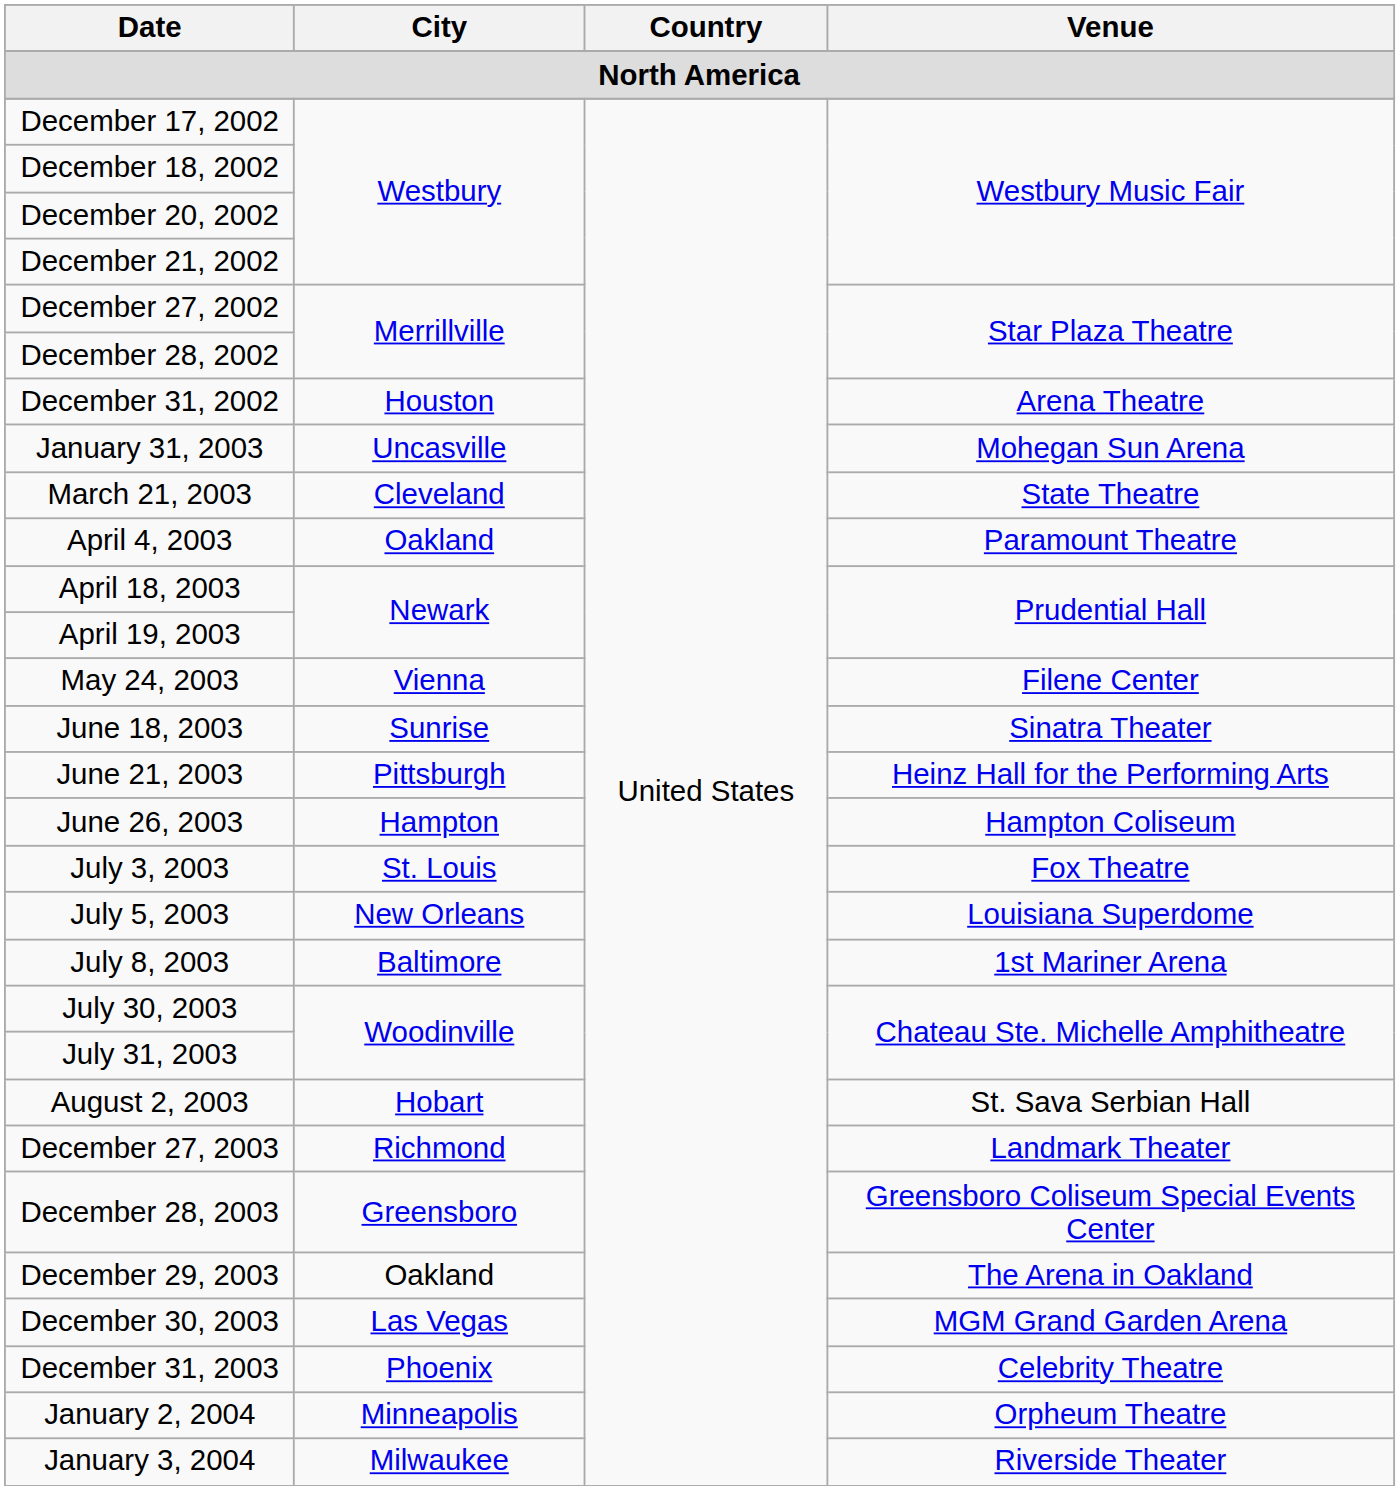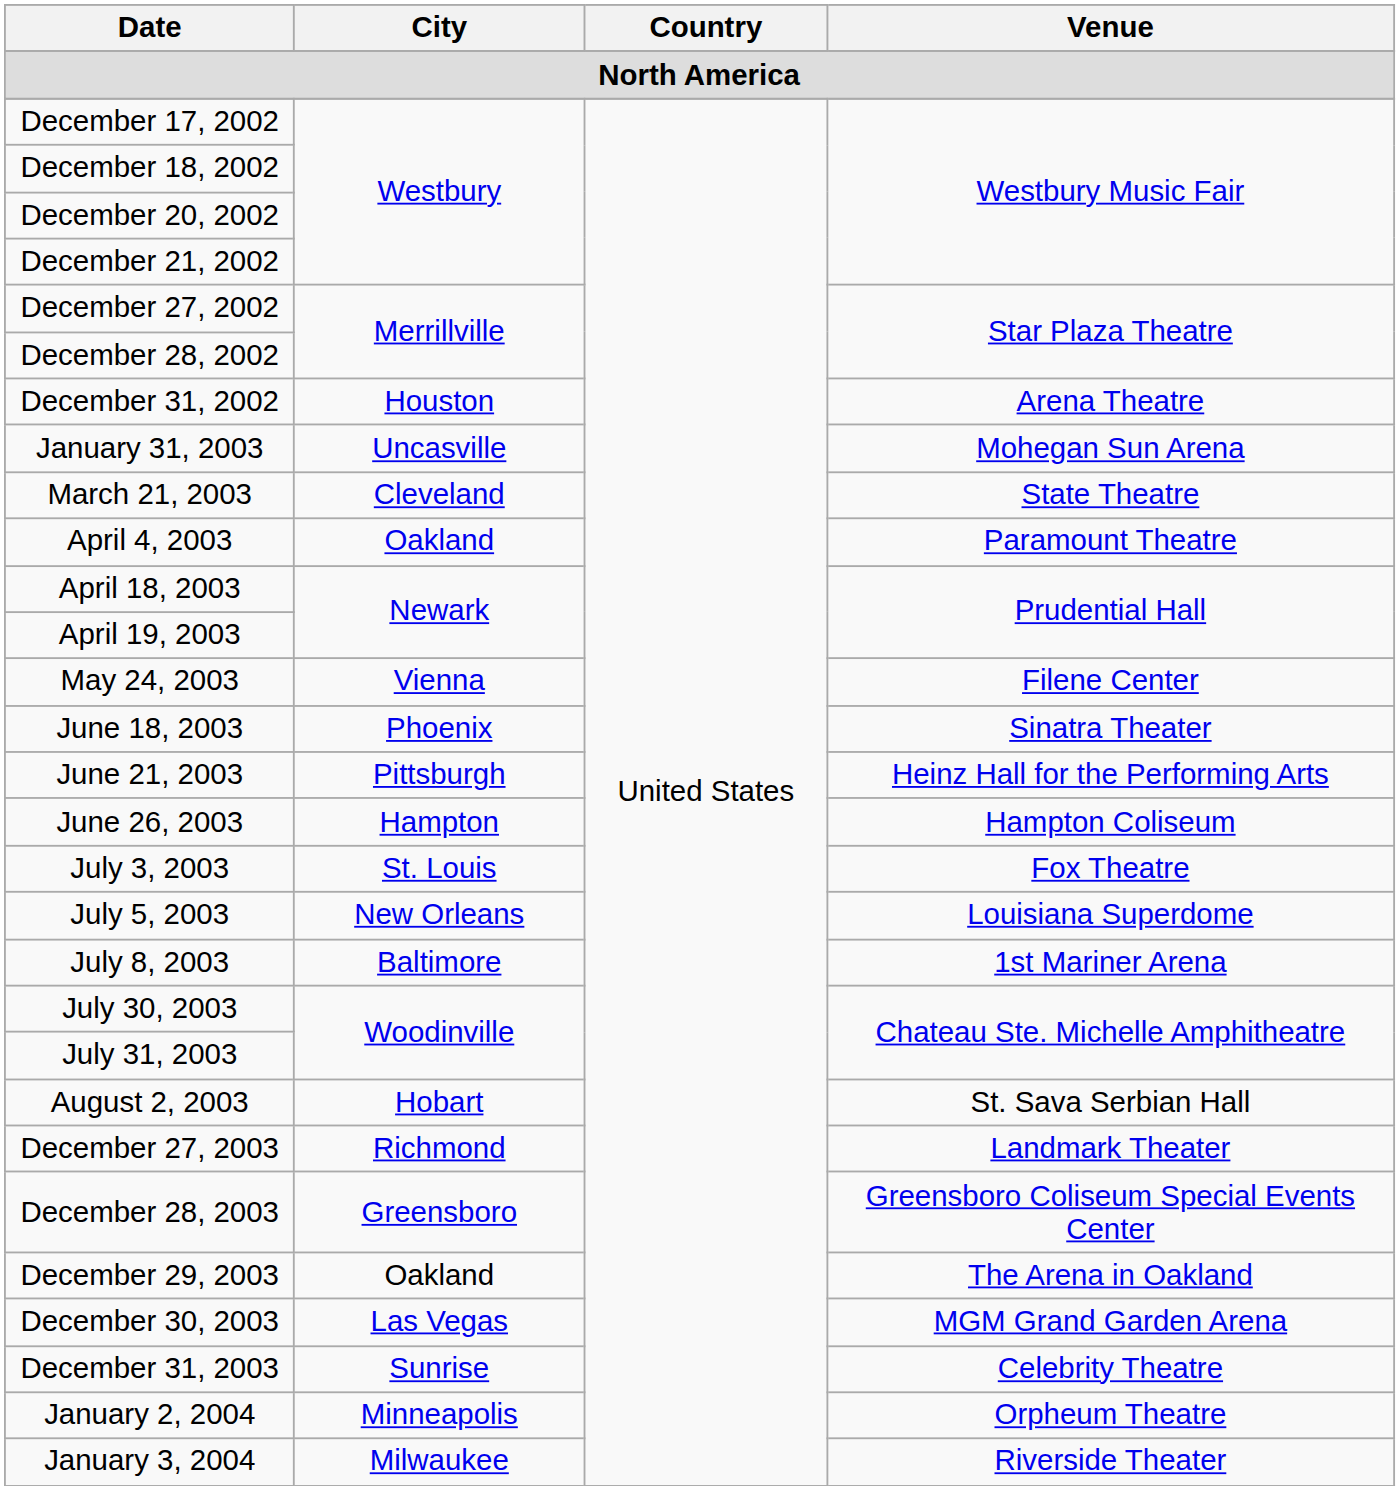 <table class="wikitable" style="text-align:center;">
 <tr bgcolor="#CCCCCC">
 <th width="150">Date</th>
 <th width="150">City</th>
 <th width="125">Country</th>
 <th width="300">Venue</th>
 </tr>
 <tr>
 </tr>
 <tr bgcolor="#DDDDDD">
 <td colspan="4"><strong>North America</strong></td>
 </tr>
 <tr bgcolor="#CCCCCC">
 </tr>
 <tr>
 <td>December 17, 2002</td>
 <td rowspan="4"><a href='#'>Westbury</a></td>
 <td rowspan="29">United States</td>
 <td rowspan="4"><a href='#'>Westbury Music Fair</a></td>
 </tr>
 <tr>
 <td>December 18, 2002</td>
 </tr>
 <tr>
 <td>December 20, 2002</td>
 </tr>
 <tr>
 <td>December 21, 2002</td>
 </tr>
 <tr>
 <td>December 27, 2002</td>
 <td rowspan="2"><a href='#'>Merrillville</a></td>
 <td rowspan="2"><a href='#'>Star Plaza Theatre</a></td>
 </tr>
 <tr>
 <td>December 28, 2002</td>
 </tr>
 <tr>
 <td>December 31, 2002</td>
 <td><a href='#'>Houston</a></td>
 <td><a href='#'>Arena Theatre</a></td>
 </tr>
 <tr>
 <td>January 31, 2003</td>
 <td><a href='#'>Uncasville</a></td>
 <td><a href='#'>Mohegan Sun Arena</a></td>
 </tr>
 <tr>
 <td>March 21, 2003</td>
 <td><a href='#'>Cleveland</a></td>
 <td><a href='#'>State Theatre</a></td>
 </tr>
 <tr>
 <td>April 4, 2003</td>
 <td><a href='#'>Oakland</a></td>
 <td><a href='#'>Paramount Theatre</a></td>
 </tr>
 <tr>
 <td>April 18, 2003</td>
 <td rowspan="2"><a href='#'>Newark</a></td>
 <td rowspan="2"><a href='#'>Prudential Hall</a></td>
 </tr>
 <tr>
 <td>April 19, 2003</td>
 </tr>
 <tr>
 <td>May 24, 2003</td>
 <td><a href='#'>Vienna</a></td>
 <td><a href='#'>Filene Center</a></td>
 </tr>
 <tr>
 <td>June 18, 2003</td>
-<td><a href='#'>Sunrise</a></td>
+<td><a href='#'>Phoenix</a></td>
 <td><a href='#'>Sinatra Theater</a></td>
 </tr>
 <tr>
 <td>June 21, 2003</td>
 <td><a href='#'>Pittsburgh</a></td>
 <td><a href='#'>Heinz Hall for the Performing Arts</a></td>
 </tr>
 <tr>
 <td>June 26, 2003</td>
 <td><a href='#'>Hampton</a></td>
 <td><a href='#'>Hampton Coliseum</a></td>
 </tr>
 <tr>
 <td>July 3, 2003</td>
 <td><a href='#'>St. Louis</a></td>
 <td><a href='#'>Fox Theatre</a></td>
 </tr>
 <tr>
 <td>July 5, 2003</td>
 <td><a href='#'>New Orleans</a></td>
 <td><a href='#'>Louisiana Superdome</a></td>
 </tr>
 <tr>
 <td>July 8, 2003</td>
 <td><a href='#'>Baltimore</a></td>
 <td><a href='#'>1st Mariner Arena</a></td>
 </tr>
 <tr>
 <td>July 30, 2003</td>
 <td rowspan="2"><a href='#'>Woodinville</a></td>
 <td rowspan="2"><a href='#'>Chateau Ste. Michelle Amphitheatre</a></td>
 </tr>
 <tr>
 <td>July 31, 2003</td>
 </tr>
 <tr>
 <td>August 2, 2003</td>
 <td><a href='#'>Hobart</a></td>
 <td>St. Sava Serbian Hall</td>
 </tr>
 <tr>
 <td>December 27, 2003</td>
 <td><a href='#'>Richmond</a></td>
 <td><a href='#'>Landmark Theater</a></td>
 </tr>
 <tr>
 <td>December 28, 2003</td>
 <td><a href='#'>Greensboro</a></td>
 <td><a href='#'>Greensboro Coliseum Special Events Center</a></td>
 </tr>
 <tr>
 <td>December 29, 2003</td>
 <td>Oakland</td>
 <td><a href='#'>The Arena in Oakland</a></td>
 </tr>
 <tr>
 <td>December 30, 2003</td>
 <td><a href='#'>Las Vegas</a></td>
 <td><a href='#'>MGM Grand Garden Arena</a></td>
 </tr>
 <tr>
 <td>December 31, 2003</td>
-<td><a href='#'>Phoenix</a></td>
+<td><a href='#'>Sunrise</a></td>
 <td><a href='#'>Celebrity Theatre</a></td>
 </tr>
 <tr>
 <td>January 2, 2004</td>
 <td><a href='#'>Minneapolis</a></td>
 <td><a href='#'>Orpheum Theatre</a></td>
 </tr>
 <tr>
 <td>January 3, 2004</td>
 <td><a href='#'>Milwaukee</a></td>
 <td><a href='#'>Riverside Theater</a></td>
 </tr>
 <tr>
 </tr>
 </table>
